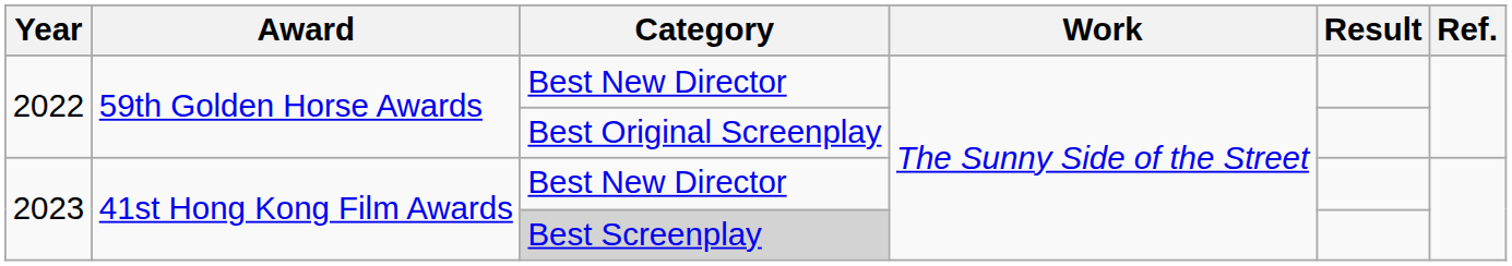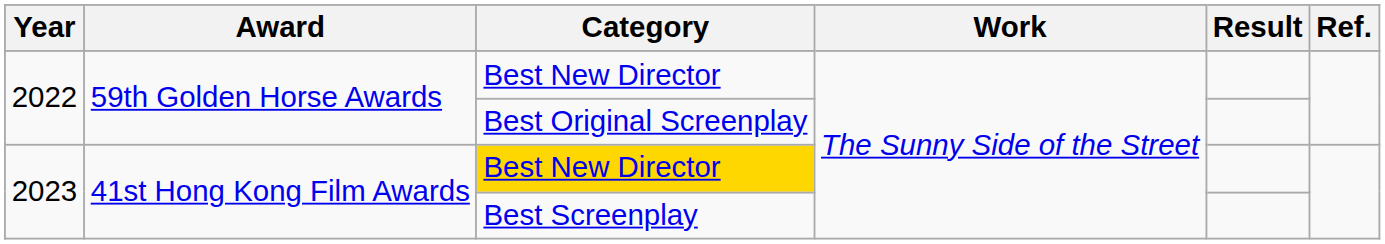 <table class="wikitable plainrowheaders">
 <tr>
 <th>Year</th>
 <th>Award</th>
 <th>Category</th>
 <th>Work</th>
 <th>Result</th>
 <th>Ref.</th>
 </tr>
 <tr>
 <td rowspan="2">2022</td>
 <td rowspan="2"><a href='#'>59th Golden Horse Awards</a></td>
 <td><a href='#'>Best New Director</a></td>
 <td rowspan="4"><em><a href='#'>The Sunny Side of the Street</a></em></td>
 <td></td>
 <td rowspan="2"></td>
 </tr>
 <tr>
 <td><a href='#'>Best Original Screenplay</a></td>
 <td></td>
 </tr>
 <tr>
 <td rowspan="2">2023</td>
 <td rowspan="2"><a href='#'>41st Hong Kong Film Awards</a></td>
-<td><a href='#'>Best New Director</a></td>
+<td style="background: gold;"><a href='#'>Best New Director</a></td>
 <td></td>
 <td rowspan="2"></td>
 </tr>
 <tr>
-<td style="background: lightgrey;"><a href='#'>Best Screenplay</a></td>
+<td><a href='#'>Best Screenplay</a></td>
 <td></td>
 </tr>
 </table>
